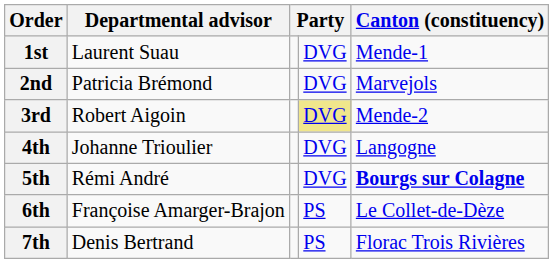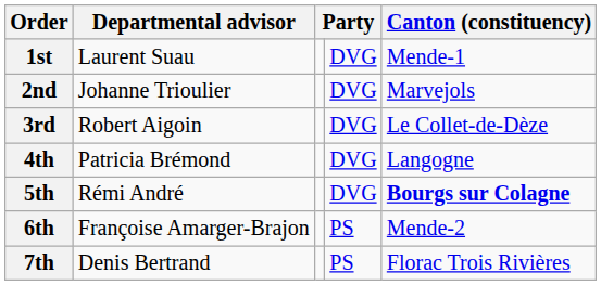 <table class="wikitable">
 <tr>
 <th>Order</th>
 <th>Departmental advisor</th>
 <th colspan="2">Party</th>
 <th><a href='#'>Canton</a> (constituency)</th>
 </tr>
 <tr>
 <th><abbr><strong>1st</strong></abbr></th>
 <td>Laurent Suau</td>
 <td style="color:inherit;background:"></td>
 <td><a href='#'>DVG</a></td>
 <td><a href='#'>Mende-1</a></td>
 </tr>
 <tr>
 <th><abbr><strong>2nd</strong></abbr></th>
-<td>Patricia Brémond</td>
+<td>Johanne Trioulier</td>
 <td style="color:inherit;background:"></td>
 <td><a href='#'>DVG</a></td>
 <td><a href='#'>Marvejols</a></td>
 </tr>
 <tr>
 <th><abbr><strong>3rd</strong></abbr></th>
 <td>Robert Aigoin</td>
 <td style="color:inherit;background:"></td>
-<td style="background: khaki;"><a href='#'>DVG</a></td>
-<td><a href='#'>Mende-2</a></td>
+<td><a href='#'>DVG</a></td>
+<td><a href='#'>Le Collet-de-Dèze</a></td>
 </tr>
 <tr>
 <th><abbr><strong>4th</strong></abbr></th>
-<td>Johanne Trioulier</td>
+<td>Patricia Brémond</td>
 <td style="color:inherit;background:"></td>
 <td><a href='#'>DVG</a></td>
 <td><a href='#'>Langogne</a></td>
 </tr>
 <tr>
 <th><abbr><strong>5th</strong></abbr></th>
 <td>Rémi André</td>
 <td style="color:inherit;background:"></td>
 <td><a href='#'>DVG</a></td>
 <td><strong><a href='#'>Bourgs sur Colagne</a></strong></td>
 </tr>
 <tr>
 <th><abbr><strong>6th</strong></abbr></th>
 <td>Françoise Amarger-Brajon</td>
 <td style="color:inherit;background:"></td>
 <td><a href='#'>PS</a></td>
-<td><a href='#'>Le Collet-de-Dèze</a></td>
+<td><a href='#'>Mende-2</a></td>
 </tr>
 <tr>
 <th><abbr><strong>7th</strong></abbr></th>
 <td>Denis Bertrand</td>
 <td style="color:inherit;background:"></td>
 <td><a href='#'>PS</a></td>
 <td><a href='#'>Florac Trois Rivières</a></td>
 </tr>
 </table>
